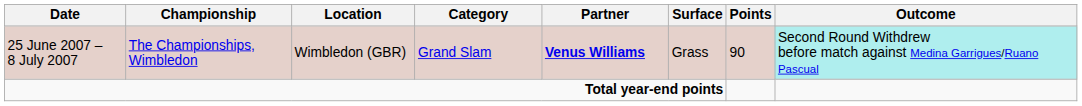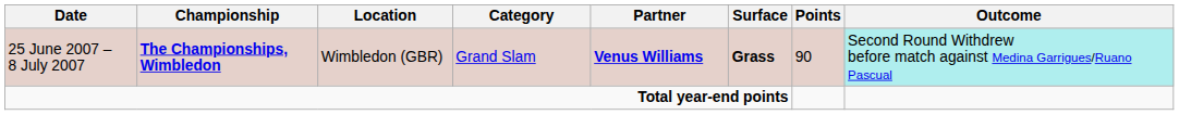 <table class="wikitable">
 <tr>
 <th width=140>Date</th>
 <th width=190>Championship</th>
 <th width=140>Location</th>
 <th width=145>Category</th>
 <th width=145>Partner</th>
 <th width=60>Surface</th>
 <th width=40>Points</th>
 <th width=360>Outcome</th>
 </tr>
 <tr style="background:#e5d1cb;">
 <td>25 June 2007 –<br>8 July 2007</td>
-<td><a href='#'>The Championships, Wimbledon</a></td>
+<td><strong><a href='#'>The Championships, Wimbledon</a></strong></td>
 <td>Wimbledon (GBR)</td>
 <td><a href='#'>Grand Slam</a></td>
 <td><strong> <a href='#'>Venus Williams</a></strong></td>
-<td>Grass</td>
+<td><strong>Grass</strong></td>
 <td>90</td>
 <td style="background:#afeeee;">Second Round Withdrew <br>before match against <small><a href='#'>Medina Garrigues</a>/<a href='#'>Ruano Pascual</a></small></td>
 </tr>
 <tr>
 <td colspan=6 align=right><strong>Total year-end points</strong></td>
 <td></td>
 <td></td>
 </tr>
 </table>
